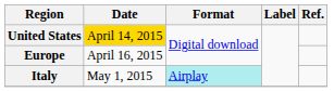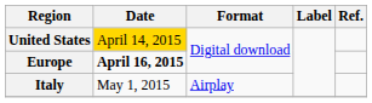 <table class="wikitable plainrowheaders">
 <tr>
 <th>Region</th>
 <th>Date</th>
 <th>Format</th>
 <th>Label</th>
 <th>Ref.</th>
 </tr>
 <tr>
 <th scope="row">United States</th>
 <td rowspan="1" style="background: gold;">April 14, 2015</td>
 <td rowspan="2"><a href='#'>Digital download</a></td>
 <td rowspan="3"></td>
 <td><br></td>
 </tr>
 <tr>
 <th scope="row">Europe</th>
-<td rowspan="1">April 16, 2015</td>
+<td rowspan="1"><strong>April 16, 2015</strong></td>
 <td><br></td>
 </tr>
 <tr>
 <th scope="row">Italy</th>
 <td rowspan="1">May 1, 2015</td>
-<td rowspan="1" style="background: paleturquoise;"><a href='#'>Airplay</a></td>
+<td rowspan="1"><a href='#'>Airplay</a></td>
 <td><br></td>
 </tr>
 <tr>
 </tr>
 </table>
